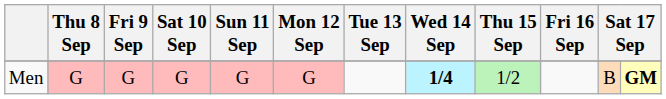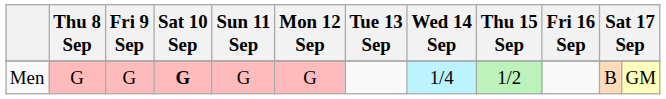 <table class="wikitable" style="margin:0.5em auto; font-size:90%; line-height:1.25em;">
 <tr>
 <th></th>
 <th>Thu 8<br>Sep</th>
 <th>Fri 9<br>Sep</th>
 <th>Sat 10<br>Sep</th>
 <th>Sun 11<br>Sep</th>
 <th>Mon 12<br>Sep</th>
 <th>Tue 13<br>Sep</th>
 <th>Wed 14<br>Sep</th>
 <th>Thu 15<br>Sep</th>
 <th>Fri 16<br>Sep</th>
 <th colspan="2">Sat 17<br>Sep</th>
 </tr>
 <tr>
 </tr>
 <tr align="center">
 <td align="left">Men</td>
 <td bgcolor="#FFBBBB">G</td>
 <td bgcolor="#FFBBBB">G</td>
-<td bgcolor="#FFBBBB">G</td>
+<td bgcolor="#FFBBBB"><strong>G</strong></td>
 <td bgcolor="#FFBBBB">G</td>
 <td bgcolor="#FFBBBB">G</td>
 <td></td>
-<td bgcolor="#BBF3FF"><strong>1/4</strong></td>
+<td bgcolor="#BBF3FF">1/4</td>
 <td bgcolor="#BBF3BB">1/2</td>
 <td></td>
 <td bgcolor="#FEDCBA">B</td>
-<td bgcolor="#FFFFBB"><strong>GM</strong></td>
+<td bgcolor="#FFFFBB">GM</td>
 </tr>
 </table>
